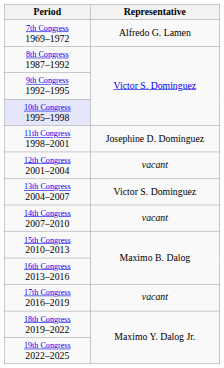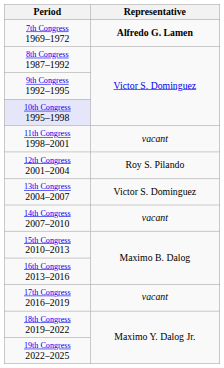 <table class="wikitable" style="text-align:center; width:40%;">
 <tr>
 <th width="40%">Period</th>
 <th>Representative</th>
 </tr>
 <tr>
 <td><small><a href='#'>7th Congress</a></small><br>1969–1972</td>
-<td>Alfredo G. Lamen</td>
+<td><strong>Alfredo G. Lamen</strong></td>
 </tr>
 <tr>
 <td><small><a href='#'>8th Congress</a></small><br>1987–1992</td>
 <td rowspan="3"><a href='#'>Victor S. Dominguez</a></td>
 </tr>
 <tr>
 <td><small><a href='#'>9th Congress</a></small><br>1992–1995</td>
 </tr>
 <tr>
 <td style="background: lavender;"><small><a href='#'>10th Congress</a></small><br>1995–1998</td>
 </tr>
 <tr>
 <td><small><a href='#'>11th Congress</a></small><br>1998–2001</td>
-<td>Josephine D. Dominguez</td>
+<td><em>vacant</em></td>
 </tr>
 <tr>
 <td><small><a href='#'>12th Congress</a></small><br>2001–2004</td>
-<td><em>vacant</em></td>
+<td>Roy S. Pilando</td>
 </tr>
 <tr>
 <td><small><a href='#'>13th Congress</a></small><br>2004–2007</td>
 <td rowspan="2">Victor S. Dominguez</td>
 </tr>
 <tr>
 <td rowspan="2"><small><a href='#'>14th Congress</a></small><br>2007–2010</td>
 </tr>
 <tr>
 <td><em>vacant</em></td>
 </tr>
 <tr>
 <td><small><a href='#'>15th Congress</a></small><br>2010–2013</td>
 <td rowspan="3">Maximo B. Dalog</td>
 </tr>
 <tr>
 <td><small><a href='#'>16th Congress</a></small><br>2013–2016</td>
 </tr>
 <tr>
 <td rowspan="2"><small><a href='#'>17th Congress</a></small><br>2016–2019</td>
 </tr>
 <tr>
 <td><em>vacant</em></td>
 </tr>
 <tr>
 <td><small><a href='#'>18th Congress</a></small><br>2019–2022</td>
 <td rowspan="2">Maximo Y. Dalog Jr.</td>
 </tr>
 <tr>
 <td><small><a href='#'>19th Congress</a></small><br>2022–2025</td>
 </tr>
 </table>
